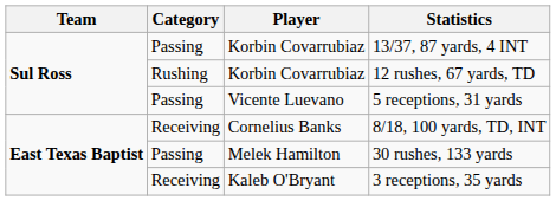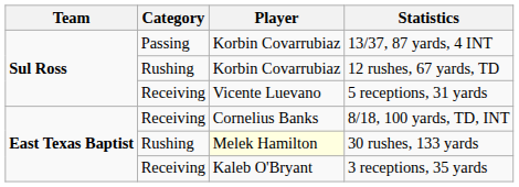 <table class="wikitable" style="float: right;">
 <tr>
 <th>Team</th>
 <th>Category</th>
 <th>Player</th>
 <th>Statistics</th>
 </tr>
 <tr>
 <td rowspan=3><strong>Sul Ross</strong></td>
 <td>Passing</td>
 <td>Korbin Covarrubiaz</td>
 <td>13/37, 87 yards, 4 INT</td>
 </tr>
 <tr>
 <td>Rushing</td>
 <td>Korbin Covarrubiaz</td>
 <td>12 rushes, 67 yards, TD</td>
 </tr>
 <tr>
-<td>Passing</td>
+<td>Receiving</td>
 <td>Vicente Luevano</td>
 <td>5 receptions, 31 yards</td>
 </tr>
 <tr>
 <td rowspan=3><strong>East Texas Baptist</strong></td>
 <td>Receiving</td>
 <td>Cornelius Banks</td>
 <td>8/18, 100 yards, TD, INT</td>
 </tr>
 <tr>
-<td>Passing</td>
-<td>Melek Hamilton</td>
+<td>Rushing</td>
+<td style="background: lightyellow;">Melek Hamilton</td>
 <td>30 rushes, 133 yards</td>
 </tr>
 <tr>
 <td>Receiving</td>
 <td>Kaleb O'Bryant</td>
 <td>3 receptions, 35 yards</td>
 </tr>
 </table>
